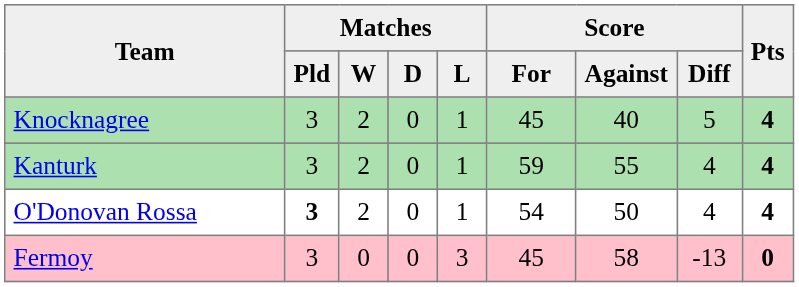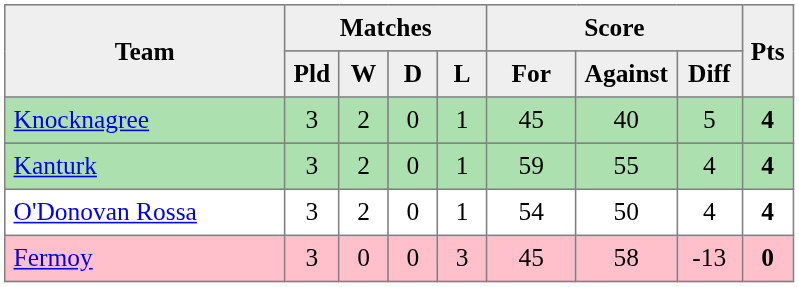 <table style=border-collapse:collapse border=1 cellspacing=0 cellpadding=5>
 <tr align=center bgcolor=#efefef>
 <th rowspan=2 width=165>Team</th>
 <th colspan=4>Matches</th>
 <th colspan=3>Score</th>
 <th rowspan=2width=20>Pts</th>
 </tr>
 <tr align=center bgcolor=#efefef>
 <th width=20>Pld</th>
 <th width=20>W</th>
 <th width=20>D</th>
 <th width=20>L</th>
 <th width=45>For</th>
 <th width=45>Against</th>
 <th width=30>Diff</th>
 </tr>
 <tr align=center style="background:#ACE1AF;">
 <td style="text-align:left;"><a href='#'>Knocknagree</a></td>
 <td>3</td>
 <td>2</td>
 <td>0</td>
 <td>1</td>
 <td>45</td>
 <td>40</td>
 <td>5</td>
 <td><strong>4</strong></td>
 </tr>
 <tr align=center style="background:#ACE1AF;">
 <td style="text-align:left;"><a href='#'>Kanturk</a></td>
 <td>3</td>
 <td>2</td>
 <td>0</td>
 <td>1</td>
 <td>59</td>
 <td>55</td>
 <td>4</td>
 <td><strong>4</strong></td>
 </tr>
 <tr align=center>
 <td style="text-align:left;"><a href='#'>O'Donovan Rossa</a></td>
-<td><strong>3</strong></td>
+<td>3</td>
 <td>2</td>
 <td>0</td>
 <td>1</td>
 <td>54</td>
 <td>50</td>
 <td>4</td>
 <td><strong>4</strong></td>
 </tr>
 <tr align=center style="background:#FFC0CB;">
 <td style="text-align:left;"><a href='#'>Fermoy</a></td>
 <td>3</td>
 <td>0</td>
 <td>0</td>
 <td>3</td>
 <td>45</td>
 <td>58</td>
 <td>-13</td>
 <td><strong>0</strong></td>
 </tr>
 </table>
